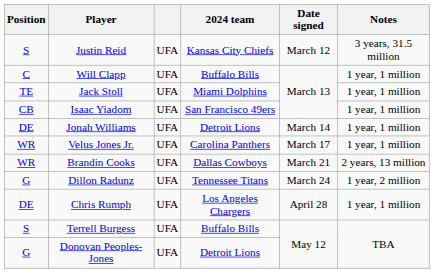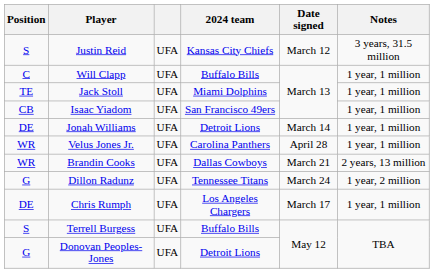 <table class="wikitable" style="text-align:center">
 <tr>
 <th>Position</th>
 <th>Player</th>
 <th></th>
 <th>2024 team</th>
 <th>Date signed</th>
 <th>Notes</th>
 </tr>
 <tr>
 <td><a href='#'>S</a></td>
 <td><a href='#'>Justin Reid</a></td>
 <td>UFA</td>
 <td><a href='#'>Kansas City Chiefs</a></td>
 <td>March 12</td>
 <td>3 years, 31.5 million</td>
 </tr>
 <tr>
 <td><a href='#'>C</a></td>
 <td><a href='#'>Will Clapp</a></td>
 <td>UFA</td>
 <td><a href='#'>Buffalo Bills</a></td>
 <td rowspan="3">March 13</td>
 <td>1 year, 1 million</td>
 </tr>
 <tr>
 <td><a href='#'>TE</a></td>
 <td><a href='#'>Jack Stoll</a></td>
 <td>UFA</td>
 <td><a href='#'>Miami Dolphins</a></td>
 <td>1 year, 1 million</td>
 </tr>
 <tr>
 <td><a href='#'>CB</a></td>
 <td><a href='#'>Isaac Yiadom</a></td>
 <td>UFA</td>
 <td><a href='#'>San Francisco 49ers</a></td>
 <td>1 year, 1 million</td>
 </tr>
 <tr>
 <td><a href='#'>DE</a></td>
 <td><a href='#'>Jonah Williams</a></td>
 <td>UFA</td>
 <td><a href='#'>Detroit Lions</a></td>
 <td>March 14</td>
 <td>1 year, 1 million</td>
 </tr>
 <tr>
 <td><a href='#'>WR</a></td>
 <td><a href='#'>Velus Jones Jr.</a></td>
 <td>UFA</td>
 <td><a href='#'>Carolina Panthers</a></td>
-<td>March 17</td>
+<td>April 28</td>
 <td>1 year, 1 million</td>
 </tr>
 <tr>
 <td><a href='#'>WR</a></td>
 <td><a href='#'>Brandin Cooks</a></td>
 <td>UFA</td>
 <td><a href='#'>Dallas Cowboys</a></td>
 <td>March 21</td>
 <td>2 years, 13 million</td>
 </tr>
 <tr>
 <td><a href='#'>G</a></td>
 <td><a href='#'>Dillon Radunz</a></td>
 <td>UFA</td>
 <td><a href='#'>Tennessee Titans</a></td>
 <td>March 24</td>
 <td>1 year, 2 million</td>
 </tr>
 <tr>
 <td><a href='#'>DE</a></td>
 <td><a href='#'>Chris Rumph</a></td>
 <td>UFA</td>
 <td><a href='#'>Los Angeles Chargers</a></td>
-<td>April 28</td>
+<td>March 17</td>
 <td>1 year, 1 million</td>
 </tr>
 <tr>
 <td><a href='#'>S</a></td>
 <td><a href='#'>Terrell Burgess</a></td>
 <td>UFA</td>
 <td><a href='#'>Buffalo Bills</a></td>
 <td rowspan="2">May 12</td>
 <td rowspan="2">TBA</td>
 </tr>
 <tr>
 <td><a href='#'>G</a></td>
 <td><a href='#'>Donovan Peoples-Jones</a></td>
 <td>UFA</td>
 <td><a href='#'>Detroit Lions</a></td>
 </tr>
 </table>
